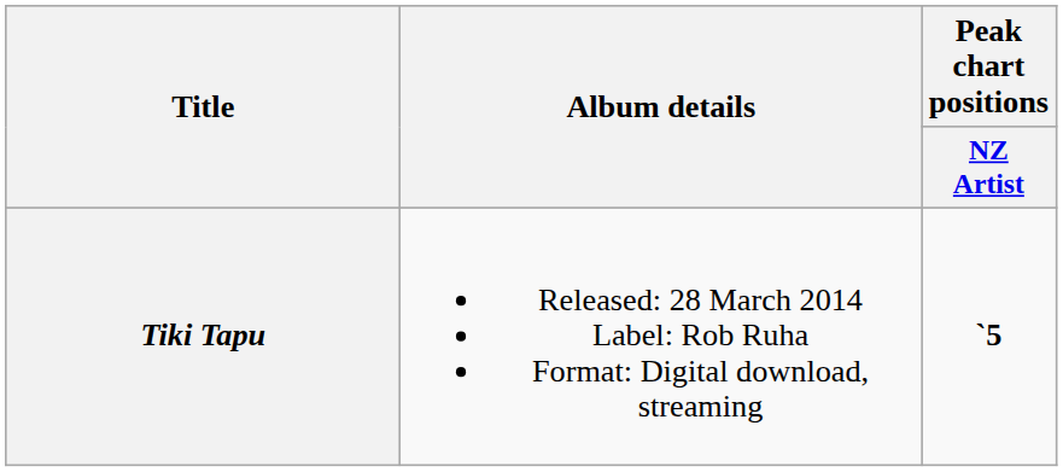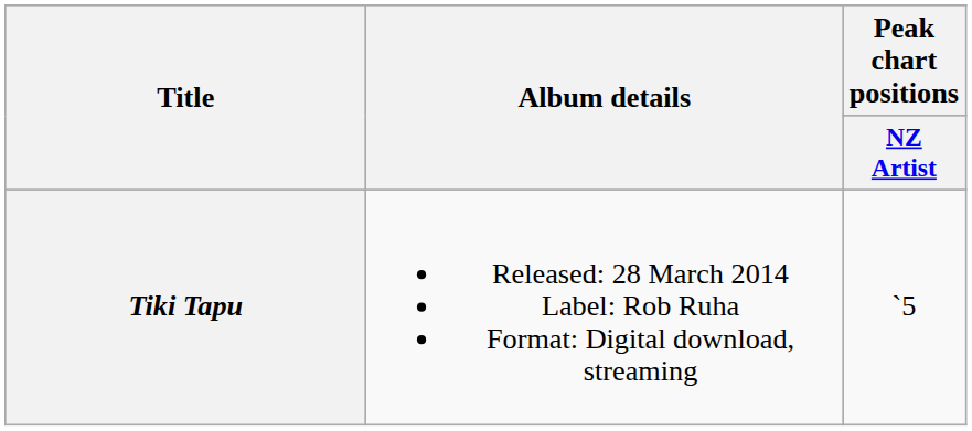 <table class="wikitable plainrowheaders" style="text-align:center;">
 <tr>
 <th scope="col" rowspan="2" style="width:12em;">Title</th>
 <th scope="col" rowspan="2" style="width:16em;">Album details</th>
 <th scope="col" colspan="1">Peak chart positions</th>
 </tr>
 <tr>
 <th scope="col" style="width:3em;font-size:90%;"><a href='#'>NZ<br>Artist</a><br></th>
 </tr>
 <tr>
 <th scope="row"><em>Tiki Tapu</em></th>
 <td><br><ul><li>Released: 28 March 2014</li><li>Label: Rob Ruha</li><li>Format: Digital download, streaming</li></ul></td>
-<td><strong>`5</strong></td>
+<td>`5</td>
 </tr>
 </table>
